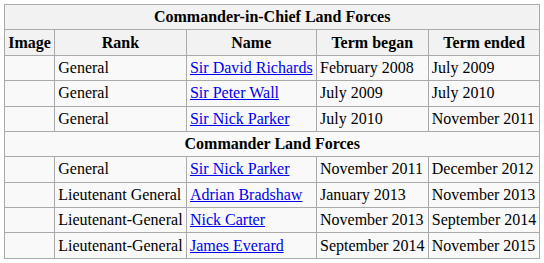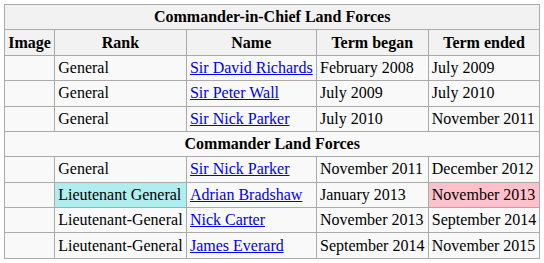 <table class="wikitable">
 <tr>
 <th colspan="5">Commander-in-Chief Land Forces</th>
 </tr>
 <tr>
 <th>Image</th>
 <th>Rank</th>
 <th>Name</th>
 <th>Term began</th>
 <th>Term ended</th>
 </tr>
 <tr>
 <td></td>
 <td>General</td>
 <td><a href='#'>Sir David Richards</a></td>
 <td>February 2008</td>
 <td>July 2009</td>
 </tr>
 <tr>
 <td></td>
 <td>General</td>
 <td><a href='#'>Sir Peter Wall</a></td>
 <td>July 2009</td>
 <td>July 2010</td>
 </tr>
 <tr>
 <td></td>
 <td>General</td>
 <td><a href='#'>Sir Nick Parker</a></td>
 <td>July 2010</td>
 <td>November 2011</td>
 </tr>
 <tr style="text-align:center;">
 <td ! colspan="5"><strong>Commander Land Forces</strong></td>
 </tr>
 <tr>
 <td></td>
 <td>General</td>
 <td><a href='#'>Sir Nick Parker</a></td>
 <td>November 2011</td>
 <td>December 2012</td>
 </tr>
 <tr>
 <td></td>
-<td>Lieutenant General</td>
+<td style="background: paleturquoise;">Lieutenant General</td>
 <td><a href='#'>Adrian Bradshaw</a></td>
 <td>January 2013</td>
-<td>November 2013</td>
+<td style="background: pink;">November 2013</td>
 </tr>
 <tr>
 <td></td>
 <td>Lieutenant-General</td>
 <td><a href='#'>Nick Carter</a></td>
 <td>November 2013</td>
 <td>September 2014</td>
 </tr>
 <tr>
 <td></td>
 <td>Lieutenant-General</td>
 <td><a href='#'>James Everard</a></td>
 <td>September 2014</td>
 <td>November 2015</td>
 </tr>
 </table>
